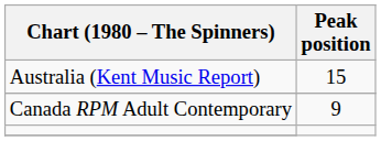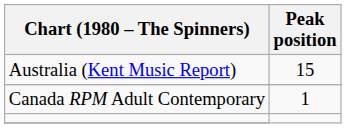 <table class="wikitable sortable">
 <tr>
 <th align="left">Chart (1980 – The Spinners)</th>
 <th align="left">Peak<br>position</th>
 </tr>
 <tr>
 <td>Australia (<a href='#'>Kent Music Report</a>)</td>
 <td style="text-align:center;">15</td>
 </tr>
 <tr>
 </tr>
 <tr>
 <td>Canada <em>RPM</em> Adult Contemporary</td>
-<td style="text-align:center;">9</td>
+<td style="text-align:center;">1</td>
 </tr>
 <tr>
 <td></td>
 </tr>
 <tr>
 </tr>
 <tr>
 </tr>
 <tr>
 </tr>
 <tr>
 </tr>
 </table>
